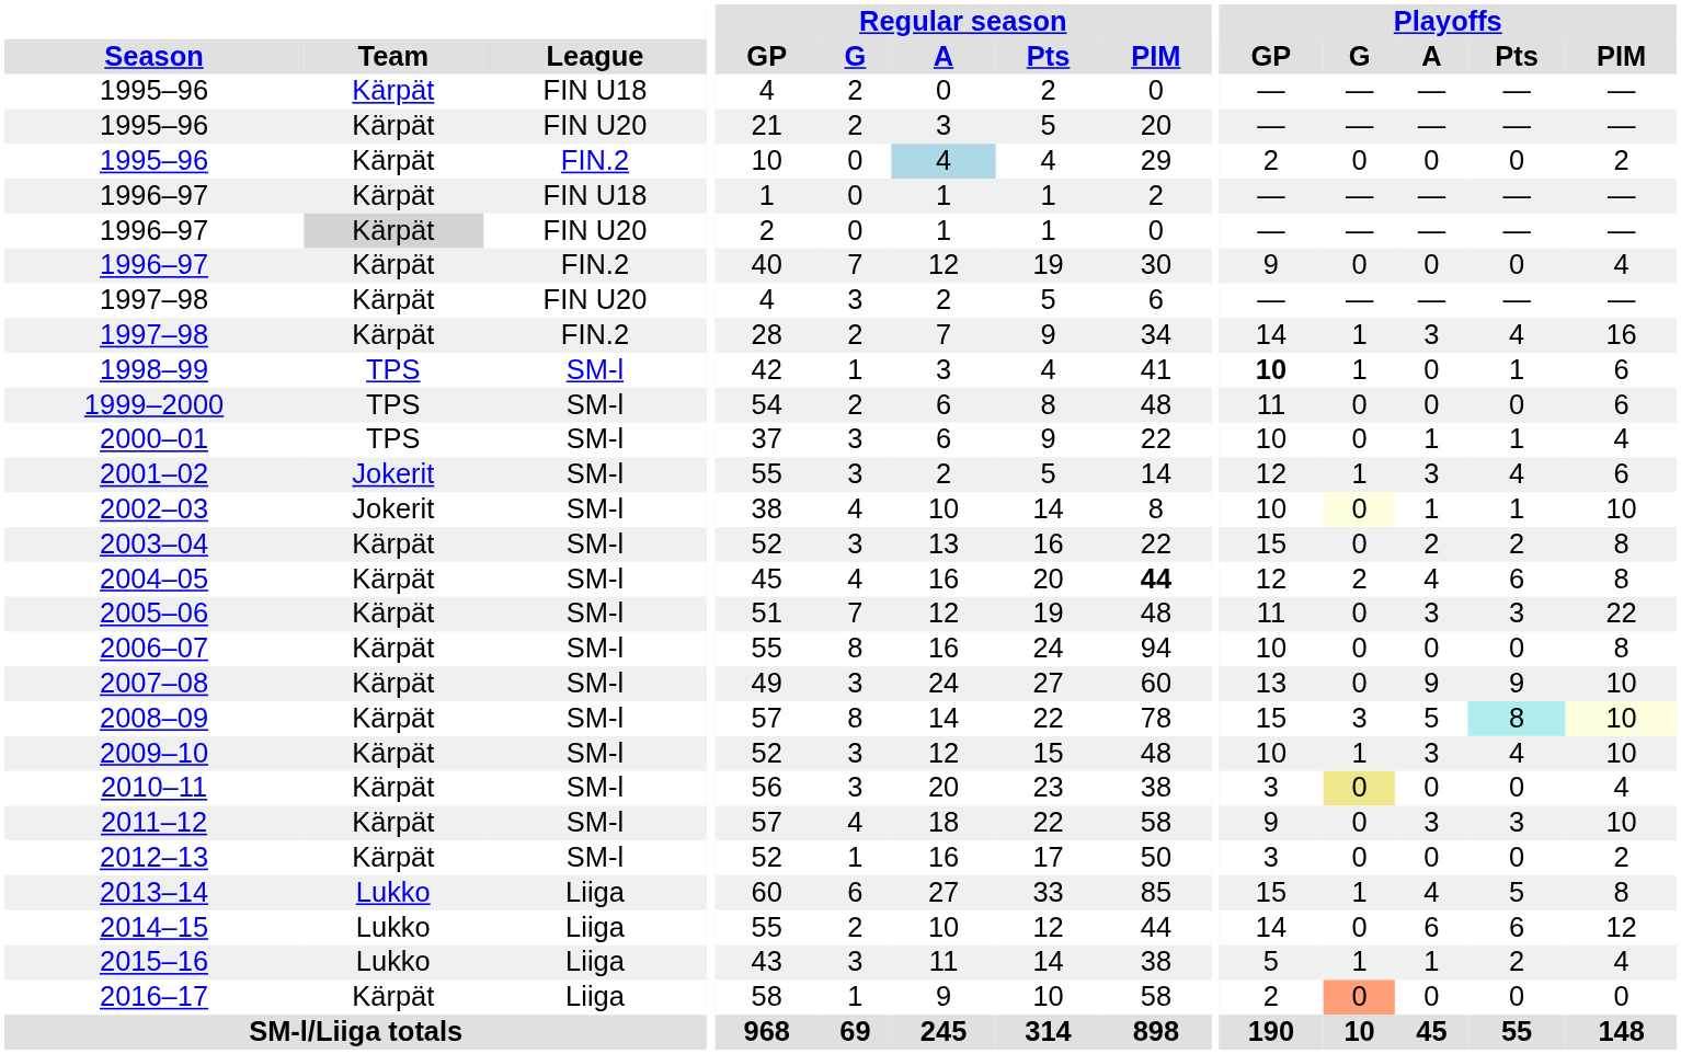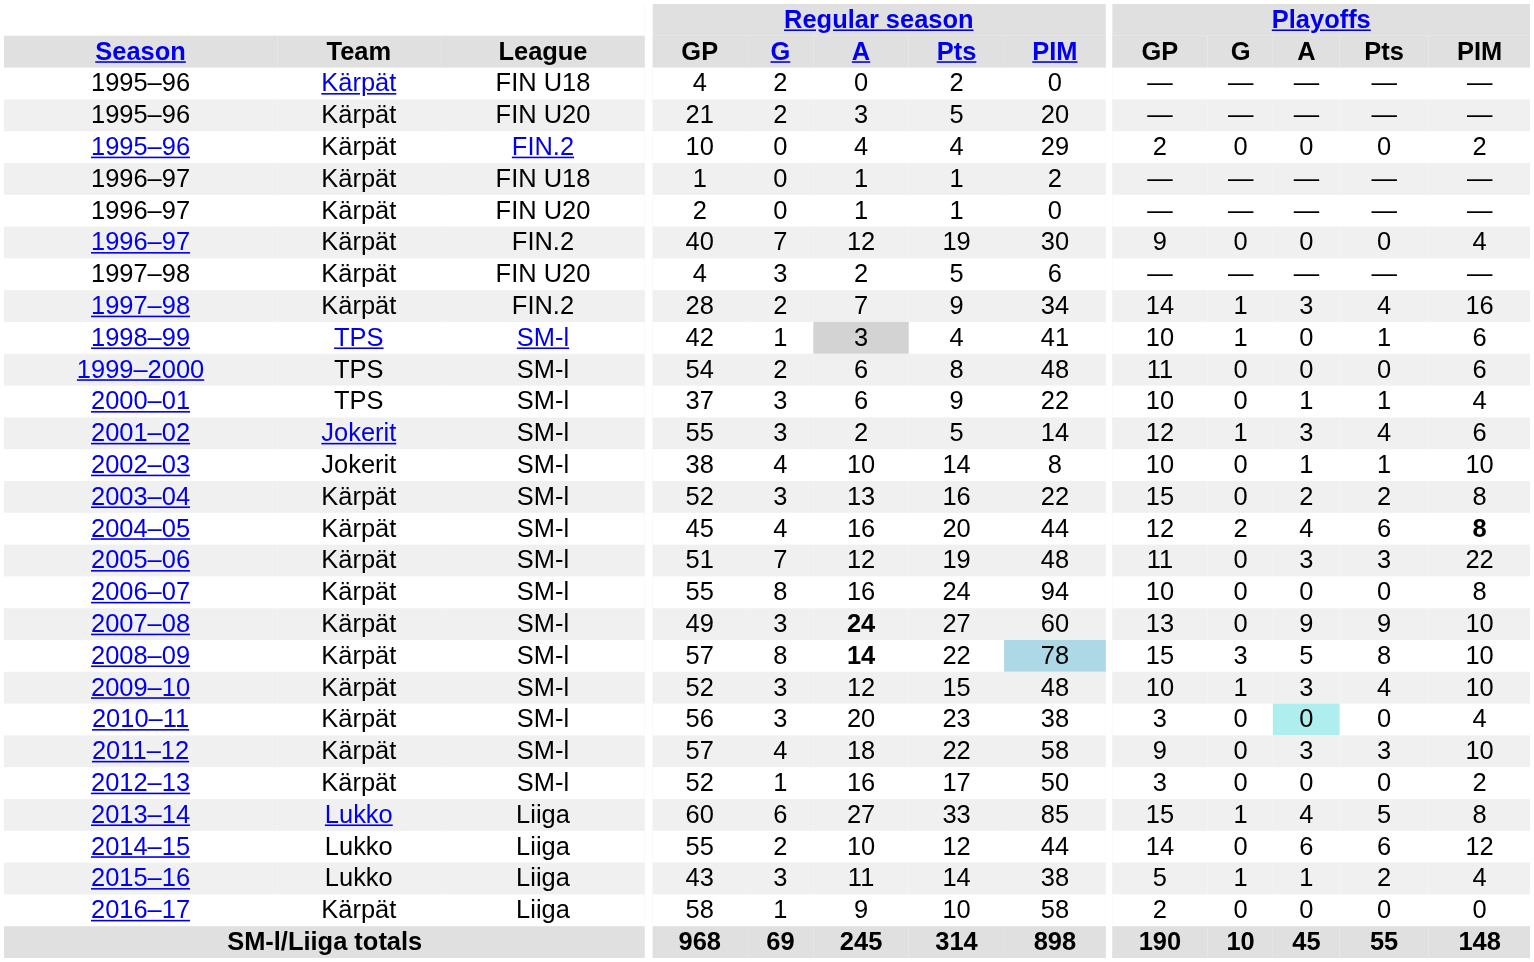 <table border="0" cellpadding="1" cellspacing="0" style="text-align:center; width:60em">
 <tr bgcolor="#e0e0e0">
 <th colspan="3" bgcolor="#ffffff"></th>
 <th rowspan="99" bgcolor="#ffffff"></th>
 <th colspan="5"><a href='#'>Regular season</a></th>
 <th rowspan="99" bgcolor="#ffffff"></th>
 <th colspan="5"><a href='#'>Playoffs</a></th>
 </tr>
 <tr bgcolor="#e0e0e0">
 <th><a href='#'>Season</a></th>
 <th>Team</th>
 <th>League</th>
 <th>GP</th>
 <th><a href='#'>G</a></th>
 <th><a href='#'>A</a></th>
 <th><a href='#'>Pts</a></th>
 <th><a href='#'>PIM</a></th>
 <th>GP</th>
 <th>G</th>
 <th>A</th>
 <th>Pts</th>
 <th>PIM</th>
 </tr>
 <tr>
 <td>1995–96</td>
 <td><a href='#'>Kärpät</a></td>
 <td>FIN U18</td>
 <td>4</td>
 <td>2</td>
 <td>0</td>
 <td>2</td>
 <td>0</td>
 <td>—</td>
 <td>—</td>
 <td>—</td>
 <td>—</td>
 <td>—</td>
 </tr>
 <tr bgcolor="#f0f0f0">
 <td>1995–96</td>
 <td>Kärpät</td>
 <td>FIN U20</td>
 <td>21</td>
 <td>2</td>
 <td>3</td>
 <td>5</td>
 <td>20</td>
 <td>—</td>
 <td>—</td>
 <td>—</td>
 <td>—</td>
 <td>—</td>
 </tr>
 <tr>
 <td><a href='#'>1995–96</a></td>
 <td>Kärpät</td>
 <td><a href='#'>FIN.2</a></td>
 <td>10</td>
 <td>0</td>
-<td style="background: lightblue;">4</td>
+<td>4</td>
 <td>4</td>
 <td>29</td>
 <td>2</td>
 <td>0</td>
 <td>0</td>
 <td>0</td>
 <td>2</td>
 </tr>
 <tr bgcolor="#f0f0f0">
 <td>1996–97</td>
 <td>Kärpät</td>
 <td>FIN U18</td>
 <td>1</td>
 <td>0</td>
 <td>1</td>
 <td>1</td>
 <td>2</td>
 <td>—</td>
 <td>—</td>
 <td>—</td>
 <td>—</td>
 <td>—</td>
 </tr>
 <tr>
 <td>1996–97</td>
-<td style="background: lightgrey;">Kärpät</td>
+<td>Kärpät</td>
 <td>FIN U20</td>
 <td>2</td>
 <td>0</td>
 <td>1</td>
 <td>1</td>
 <td>0</td>
 <td>—</td>
 <td>—</td>
 <td>—</td>
 <td>—</td>
 <td>—</td>
 </tr>
 <tr bgcolor="#f0f0f0">
 <td><a href='#'>1996–97</a></td>
 <td>Kärpät</td>
 <td>FIN.2</td>
 <td>40</td>
 <td>7</td>
 <td>12</td>
 <td>19</td>
 <td>30</td>
 <td>9</td>
 <td>0</td>
 <td>0</td>
 <td>0</td>
 <td>4</td>
 </tr>
 <tr>
 <td>1997–98</td>
 <td>Kärpät</td>
 <td>FIN U20</td>
 <td>4</td>
 <td>3</td>
 <td>2</td>
 <td>5</td>
 <td>6</td>
 <td>—</td>
 <td>—</td>
 <td>—</td>
 <td>—</td>
 <td>—</td>
 </tr>
 <tr bgcolor="#f0f0f0">
 <td><a href='#'>1997–98</a></td>
 <td>Kärpät</td>
 <td>FIN.2</td>
 <td>28</td>
 <td>2</td>
 <td>7</td>
 <td>9</td>
 <td>34</td>
 <td>14</td>
 <td>1</td>
 <td>3</td>
 <td>4</td>
 <td>16</td>
 </tr>
 <tr>
 <td><a href='#'>1998–99</a></td>
 <td><a href='#'>TPS</a></td>
 <td><a href='#'>SM-l</a></td>
 <td>42</td>
 <td>1</td>
-<td>3</td>
+<td style="background: lightgrey;">3</td>
 <td>4</td>
 <td>41</td>
-<td><strong>10</strong></td>
+<td>10</td>
 <td>1</td>
 <td>0</td>
 <td>1</td>
 <td>6</td>
 </tr>
 <tr bgcolor="#f0f0f0">
 <td><a href='#'>1999–2000</a></td>
 <td>TPS</td>
 <td>SM-l</td>
 <td>54</td>
 <td>2</td>
 <td>6</td>
 <td>8</td>
 <td>48</td>
 <td>11</td>
 <td>0</td>
 <td>0</td>
 <td>0</td>
 <td>6</td>
 </tr>
 <tr>
 <td><a href='#'>2000–01</a></td>
 <td>TPS</td>
 <td>SM-l</td>
 <td>37</td>
 <td>3</td>
 <td>6</td>
 <td>9</td>
 <td>22</td>
 <td>10</td>
 <td>0</td>
 <td>1</td>
 <td>1</td>
 <td>4</td>
 </tr>
 <tr bgcolor="#f0f0f0">
 <td><a href='#'>2001–02</a></td>
 <td><a href='#'>Jokerit</a></td>
 <td>SM-l</td>
 <td>55</td>
 <td>3</td>
 <td>2</td>
 <td>5</td>
 <td>14</td>
 <td>12</td>
 <td>1</td>
 <td>3</td>
 <td>4</td>
 <td>6</td>
 </tr>
 <tr>
 <td><a href='#'>2002–03</a></td>
 <td>Jokerit</td>
 <td>SM-l</td>
 <td>38</td>
 <td>4</td>
 <td>10</td>
 <td>14</td>
 <td>8</td>
 <td>10</td>
-<td style="background: lightyellow;">0</td>
+<td>0</td>
 <td>1</td>
 <td>1</td>
 <td>10</td>
 </tr>
 <tr bgcolor="#f0f0f0">
 <td><a href='#'>2003–04</a></td>
 <td>Kärpät</td>
 <td>SM-l</td>
 <td>52</td>
 <td>3</td>
 <td>13</td>
 <td>16</td>
 <td>22</td>
 <td>15</td>
 <td>0</td>
 <td>2</td>
 <td>2</td>
 <td>8</td>
 </tr>
 <tr>
 <td><a href='#'>2004–05</a></td>
 <td>Kärpät</td>
 <td>SM-l</td>
 <td>45</td>
 <td>4</td>
 <td>16</td>
 <td>20</td>
-<td><strong>44</strong></td>
+<td>44</td>
 <td>12</td>
 <td>2</td>
 <td>4</td>
 <td>6</td>
-<td>8</td>
+<td><strong>8</strong></td>
 </tr>
 <tr bgcolor="#f0f0f0">
 <td><a href='#'>2005–06</a></td>
 <td>Kärpät</td>
 <td>SM-l</td>
 <td>51</td>
 <td>7</td>
 <td>12</td>
 <td>19</td>
 <td>48</td>
 <td>11</td>
 <td>0</td>
 <td>3</td>
 <td>3</td>
 <td>22</td>
 </tr>
 <tr>
 <td><a href='#'>2006–07</a></td>
 <td>Kärpät</td>
 <td>SM-l</td>
 <td>55</td>
 <td>8</td>
 <td>16</td>
 <td>24</td>
 <td>94</td>
 <td>10</td>
 <td>0</td>
 <td>0</td>
 <td>0</td>
 <td>8</td>
 </tr>
 <tr bgcolor="#f0f0f0">
 <td><a href='#'>2007–08</a></td>
 <td>Kärpät</td>
 <td>SM-l</td>
 <td>49</td>
 <td>3</td>
-<td>24</td>
+<td><strong>24</strong></td>
 <td>27</td>
 <td>60</td>
 <td>13</td>
 <td>0</td>
 <td>9</td>
 <td>9</td>
 <td>10</td>
 </tr>
 <tr>
 <td><a href='#'>2008–09</a></td>
 <td>Kärpät</td>
 <td>SM-l</td>
 <td>57</td>
 <td>8</td>
-<td>14</td>
+<td><strong>14</strong></td>
 <td>22</td>
-<td>78</td>
+<td style="background: lightblue;">78</td>
 <td>15</td>
 <td>3</td>
 <td>5</td>
-<td style="background: paleturquoise;">8</td>
-<td style="background: lightyellow;">10</td>
+<td>8</td>
+<td>10</td>
 </tr>
 <tr bgcolor="#f0f0f0">
 <td><a href='#'>2009–10</a></td>
 <td>Kärpät</td>
 <td>SM-l</td>
 <td>52</td>
 <td>3</td>
 <td>12</td>
 <td>15</td>
 <td>48</td>
 <td>10</td>
 <td>1</td>
 <td>3</td>
 <td>4</td>
 <td>10</td>
 </tr>
 <tr>
 <td><a href='#'>2010–11</a></td>
 <td>Kärpät</td>
 <td>SM-l</td>
 <td>56</td>
 <td>3</td>
 <td>20</td>
 <td>23</td>
 <td>38</td>
 <td>3</td>
-<td style="background: khaki;">0</td>
 <td>0</td>
+<td style="background: paleturquoise;">0</td>
 <td>0</td>
 <td>4</td>
 </tr>
 <tr bgcolor="#f0f0f0">
 <td><a href='#'>2011–12</a></td>
 <td>Kärpät</td>
 <td>SM-l</td>
 <td>57</td>
 <td>4</td>
 <td>18</td>
 <td>22</td>
 <td>58</td>
 <td>9</td>
 <td>0</td>
 <td>3</td>
 <td>3</td>
 <td>10</td>
 </tr>
 <tr>
 <td><a href='#'>2012–13</a></td>
 <td>Kärpät</td>
 <td>SM-l</td>
 <td>52</td>
 <td>1</td>
 <td>16</td>
 <td>17</td>
 <td>50</td>
 <td>3</td>
 <td>0</td>
 <td>0</td>
 <td>0</td>
 <td>2</td>
 </tr>
 <tr bgcolor="#f0f0f0">
 <td><a href='#'>2013–14</a></td>
 <td><a href='#'>Lukko</a></td>
 <td>Liiga</td>
 <td>60</td>
 <td>6</td>
 <td>27</td>
 <td>33</td>
 <td>85</td>
 <td>15</td>
 <td>1</td>
 <td>4</td>
 <td>5</td>
 <td>8</td>
 </tr>
 <tr>
 <td><a href='#'>2014–15</a></td>
 <td>Lukko</td>
 <td>Liiga</td>
 <td>55</td>
 <td>2</td>
 <td>10</td>
 <td>12</td>
 <td>44</td>
 <td>14</td>
 <td>0</td>
 <td>6</td>
 <td>6</td>
 <td>12</td>
 </tr>
 <tr bgcolor="#f0f0f0">
 <td><a href='#'>2015–16</a></td>
 <td>Lukko</td>
 <td>Liiga</td>
 <td>43</td>
 <td>3</td>
 <td>11</td>
 <td>14</td>
 <td>38</td>
 <td>5</td>
 <td>1</td>
 <td>1</td>
 <td>2</td>
 <td>4</td>
 </tr>
 <tr>
 <td><a href='#'>2016–17</a></td>
 <td>Kärpät</td>
 <td>Liiga</td>
 <td>58</td>
 <td>1</td>
 <td>9</td>
 <td>10</td>
 <td>58</td>
 <td>2</td>
-<td style="background: lightsalmon;">0</td>
+<td>0</td>
 <td>0</td>
 <td>0</td>
 <td>0</td>
 </tr>
 <tr bgcolor="#e0e0e0">
 <th colspan="3">SM-l/Liiga totals</th>
 <th>968</th>
 <th>69</th>
 <th>245</th>
 <th>314</th>
 <th>898</th>
 <th>190</th>
 <th>10</th>
 <th>45</th>
 <th>55</th>
 <th>148</th>
 </tr>
 </table>
